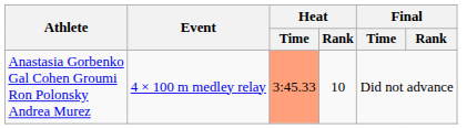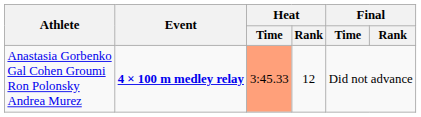 <table class=wikitable style="font-size:90%; text-align:center;">
 <tr>
 <th rowspan=2>Athlete</th>
 <th rowspan=2>Event</th>
 <th colspan=2>Heat</th>
 <th colspan=2>Final</th>
 </tr>
 <tr style="font-size:95%">
 <th>Time</th>
 <th>Rank</th>
 <th>Time</th>
 <th>Rank</th>
 </tr>
 <tr>
 <td align=left><a href='#'>Anastasia Gorbenko</a><br><a href='#'>Gal Cohen Groumi</a><br><a href='#'>Ron Polonsky</a><br><a href='#'>Andrea Murez</a></td>
-<td align=left><a href='#'>4 × 100 m medley relay</a></td>
+<td align=left><strong><a href='#'>4 × 100 m medley relay</a></strong></td>
 <td style="background: lightsalmon;">3:45.33</td>
-<td>10</td>
+<td>12</td>
 <td colspan=2>Did not advance</td>
 </tr>
 </table>
